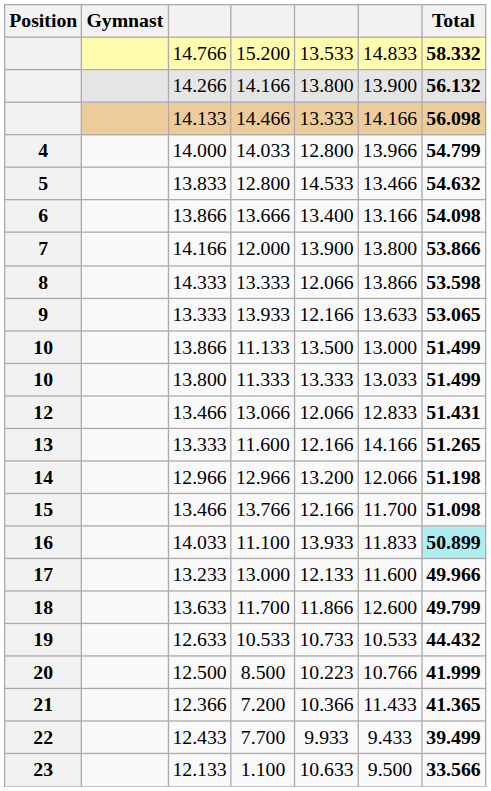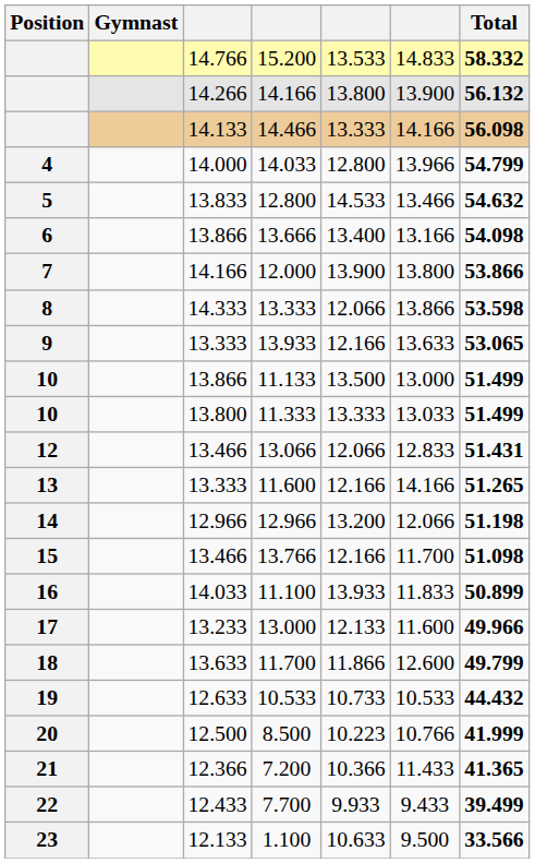 <table class="wikitable sortable" style="text-align:center; font-size:95%">
 <tr>
 <th>Position</th>
 <th>Gymnast</th>
 <th></th>
 <th></th>
 <th></th>
 <th></th>
 <th>Total</th>
 </tr>
 <tr style="background:#fffcaf;">
 <th></th>
 <td align=left></td>
 <td>14.766</td>
 <td>15.200</td>
 <td>13.533</td>
 <td>14.833</td>
 <td><strong>58.332</strong></td>
 </tr>
 <tr style="background:#e5e5e5;">
 <th></th>
 <td align=left></td>
 <td>14.266</td>
 <td>14.166</td>
 <td>13.800</td>
 <td>13.900</td>
 <td><strong>56.132</strong></td>
 </tr>
 <tr style="background:#ec9;">
 <th></th>
 <td align=left></td>
 <td>14.133</td>
 <td>14.466</td>
 <td>13.333</td>
 <td>14.166</td>
 <td><strong>56.098</strong></td>
 </tr>
 <tr>
 <th><strong>4</strong></th>
 <td align=left></td>
 <td>14.000</td>
 <td>14.033</td>
 <td>12.800</td>
 <td>13.966</td>
 <td><strong>54.799</strong></td>
 </tr>
 <tr>
 <th><strong>5</strong></th>
 <td align=left></td>
 <td>13.833</td>
 <td>12.800</td>
 <td>14.533</td>
 <td>13.466</td>
 <td><strong>54.632</strong></td>
 </tr>
 <tr>
 <th><strong>6</strong></th>
 <td align=left></td>
 <td>13.866</td>
 <td>13.666</td>
 <td>13.400</td>
 <td>13.166</td>
 <td><strong>54.098</strong></td>
 </tr>
 <tr>
 <th><strong>7</strong></th>
 <td align=left></td>
 <td>14.166</td>
 <td>12.000</td>
 <td>13.900</td>
 <td>13.800</td>
 <td><strong>53.866</strong></td>
 </tr>
 <tr>
 <th><strong>8</strong></th>
 <td align=left></td>
 <td>14.333</td>
 <td>13.333</td>
 <td>12.066</td>
 <td>13.866</td>
 <td><strong>53.598</strong></td>
 </tr>
 <tr>
 <th><strong>9</strong></th>
 <td align=left></td>
 <td>13.333</td>
 <td>13.933</td>
 <td>12.166</td>
 <td>13.633</td>
 <td><strong>53.065</strong></td>
 </tr>
 <tr>
 <th><strong>10</strong></th>
 <td align=left></td>
 <td>13.866</td>
 <td>11.133</td>
 <td>13.500</td>
 <td>13.000</td>
 <td><strong>51.499</strong></td>
 </tr>
 <tr>
 <th><strong>10</strong></th>
 <td align=left></td>
 <td>13.800</td>
 <td>11.333</td>
 <td>13.333</td>
 <td>13.033</td>
 <td><strong>51.499</strong></td>
 </tr>
 <tr>
 <th><strong>12</strong></th>
 <td align=left></td>
 <td>13.466</td>
 <td>13.066</td>
 <td>12.066</td>
 <td>12.833</td>
 <td><strong>51.431</strong></td>
 </tr>
 <tr>
 <th><strong>13</strong></th>
 <td align=left></td>
 <td>13.333</td>
 <td>11.600</td>
 <td>12.166</td>
 <td>14.166</td>
 <td><strong>51.265</strong></td>
 </tr>
 <tr>
 <th><strong>14</strong></th>
 <td align=left></td>
 <td>12.966</td>
 <td>12.966</td>
 <td>13.200</td>
 <td>12.066</td>
 <td><strong>51.198</strong></td>
 </tr>
 <tr>
 <th><strong>15</strong></th>
 <td align=left></td>
 <td>13.466</td>
 <td>13.766</td>
 <td>12.166</td>
 <td>11.700</td>
 <td><strong>51.098</strong></td>
 </tr>
 <tr>
 <th><strong>16</strong></th>
 <td align=left></td>
 <td>14.033</td>
 <td>11.100</td>
 <td>13.933</td>
 <td>11.833</td>
-<td style="background: paleturquoise;"><strong>50.899</strong></td>
+<td><strong>50.899</strong></td>
 </tr>
 <tr>
 <th><strong>17</strong></th>
 <td align=left></td>
 <td>13.233</td>
 <td>13.000</td>
 <td>12.133</td>
 <td>11.600</td>
 <td><strong>49.966</strong></td>
 </tr>
 <tr>
 <th><strong>18</strong></th>
 <td align=left></td>
 <td>13.633</td>
 <td>11.700</td>
 <td>11.866</td>
 <td>12.600</td>
 <td><strong>49.799</strong></td>
 </tr>
 <tr>
 <th><strong>19</strong></th>
 <td align=left></td>
 <td>12.633</td>
 <td>10.533</td>
 <td>10.733</td>
 <td>10.533</td>
 <td><strong>44.432</strong></td>
 </tr>
 <tr>
 <th><strong>20</strong></th>
 <td align=left></td>
 <td>12.500</td>
 <td>8.500</td>
 <td>10.223</td>
 <td>10.766</td>
 <td><strong>41.999</strong></td>
 </tr>
 <tr>
 <th><strong>21</strong></th>
 <td align=left></td>
 <td>12.366</td>
 <td>7.200</td>
 <td>10.366</td>
 <td>11.433</td>
 <td><strong>41.365</strong></td>
 </tr>
 <tr>
 <th><strong>22</strong></th>
 <td align=left></td>
 <td>12.433</td>
 <td>7.700</td>
 <td>9.933</td>
 <td>9.433</td>
 <td><strong>39.499</strong></td>
 </tr>
 <tr>
 <th><strong>23</strong></th>
 <td align=left></td>
 <td>12.133</td>
 <td>1.100</td>
 <td>10.633</td>
 <td>9.500</td>
 <td><strong>33.566</strong></td>
 </tr>
 <tr>
 </tr>
 </table>
